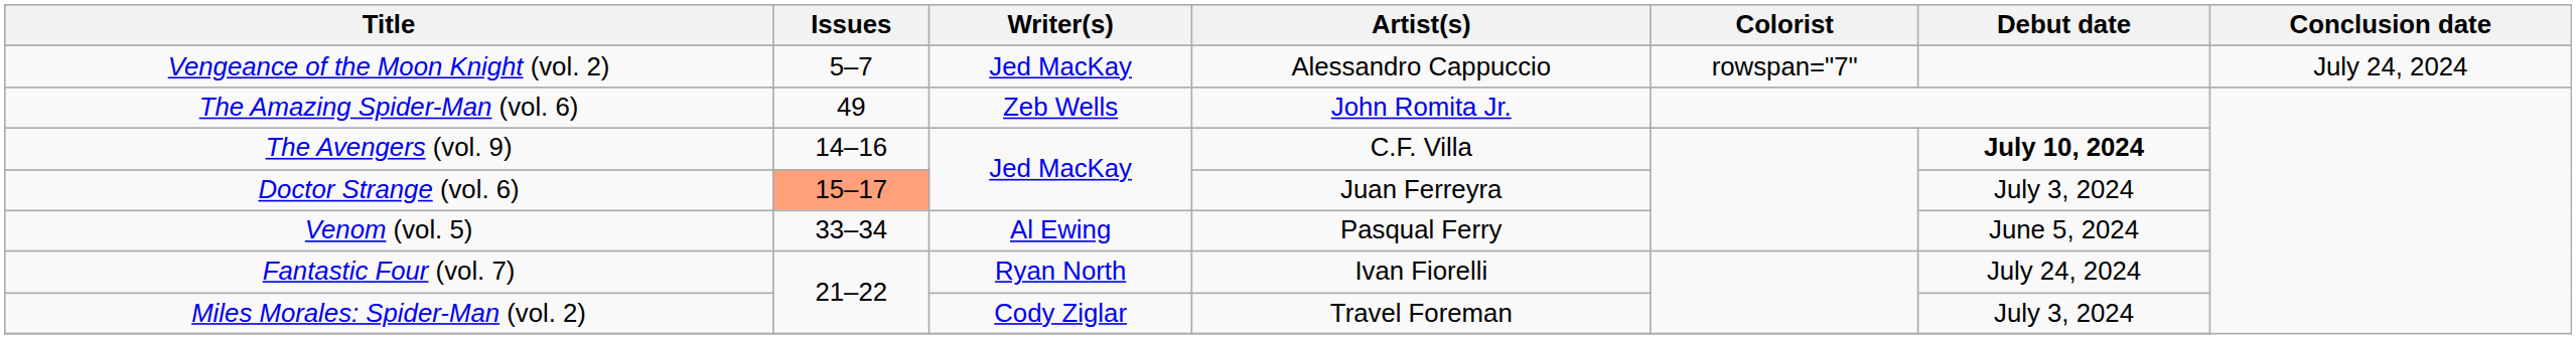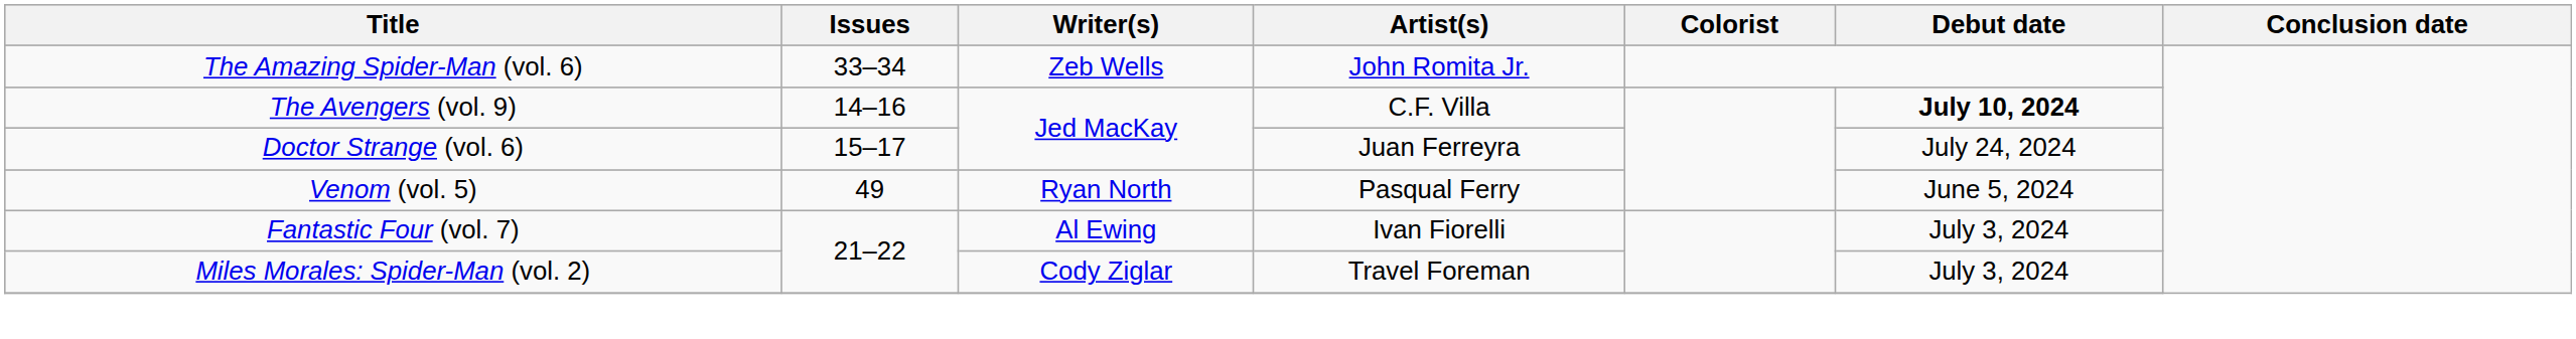 <table class="wikitable" style="text-align:center; width:100%">
 <tr>
 <th scope="col">Title</th>
 <th scope="col">Issues</th>
 <th scope="col">Writer(s)</th>
 <th scope="col">Artist(s)</th>
 <th scope="col">Colorist</th>
 <th scope="col">Debut date</th>
 <th scope="col">Conclusion date</th>
 </tr>
 <tr>
-<td><em><a href='#'>Vengeance of the Moon Knight</a></em> (vol. 2)</td>
-<td>5–7</td>
-<td><a href='#'>Jed MacKay</a></td>
-<td>Alessandro Cappuccio</td>
-<td>rowspan="7" </td>
-<td></td>
-<td>July 24, 2024</td>
-</tr>
-<tr>
 <td><em><a href='#'>The Amazing Spider-Man</a></em> (vol. 6)</td>
-<td>49</td>
+<td>33–34</td>
 <td><a href='#'>Zeb Wells</a></td>
 <td><a href='#'>John Romita Jr.</a></td>
 <td colspan="2"></td>
 </tr>
 <tr>
 <td><em><a href='#'>The Avengers</a></em> (vol. 9)</td>
 <td>14–16</td>
 <td rowspan="2"><a href='#'>Jed MacKay</a></td>
 <td>C.F. Villa</td>
 <td rowspan="3"></td>
 <td><strong>July 10, 2024</strong></td>
 </tr>
 <tr>
 <td><em><a href='#'>Doctor Strange</a></em> (vol. 6)</td>
-<td style="background: lightsalmon;">15–17</td>
+<td>15–17</td>
 <td>Juan Ferreyra</td>
-<td>July 3, 2024</td>
+<td>July 24, 2024</td>
 </tr>
 <tr>
 <td><em><a href='#'>Venom</a></em> (vol. 5)</td>
-<td>33–34</td>
-<td><a href='#'>Al Ewing</a></td>
+<td>49</td>
+<td><a href='#'>Ryan North</a></td>
 <td>Pasqual Ferry</td>
 <td>June 5, 2024</td>
 </tr>
 <tr>
 <td><em><a href='#'>Fantastic Four</a></em> (vol. 7)</td>
 <td rowspan="2">21–22</td>
-<td><a href='#'>Ryan North</a></td>
+<td><a href='#'>Al Ewing</a></td>
 <td>Ivan Fiorelli</td>
 <td rowspan="2"></td>
-<td>July 24, 2024</td>
+<td>July 3, 2024</td>
 </tr>
 <tr>
 <td><em><a href='#'>Miles Morales: Spider-Man</a></em> (vol. 2)</td>
 <td><a href='#'>Cody Ziglar</a></td>
 <td>Travel Foreman</td>
 <td>July 3, 2024</td>
 </tr>
 <tr>
 </tr>
 </table>
